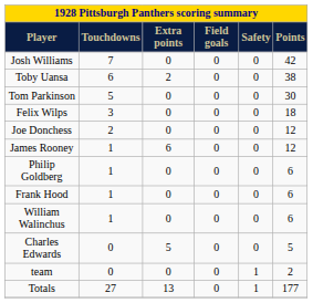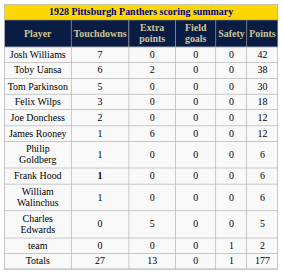 <table class="wikitable" width="35%">
 <tr>
 <th colspan="10" style="background:gold; color:darkblue; text-align: center;"><strong>1928 Pittsburgh Panthers scoring summary</strong></th>
 </tr>
 <tr align="center"  style="background:#091C44;color:#CEC499;">
 <td><strong>Player</strong></td>
 <td><strong>Touchdowns</strong></td>
 <td><strong>Extra points</strong></td>
 <td><strong>Field goals</strong></td>
 <td><strong>Safety</strong></td>
 <td><strong>Points</strong></td>
 </tr>
 <tr align="center" bgcolor="">
 <td>Josh Williams</td>
 <td>7</td>
 <td>0</td>
 <td>0</td>
 <td>0</td>
 <td>42</td>
 </tr>
 <tr align="center" bgcolor="">
 <td>Toby Uansa</td>
 <td>6</td>
 <td>2</td>
 <td>0</td>
 <td>0</td>
 <td>38</td>
 </tr>
 <tr align="center" bgcolor="">
 <td>Tom Parkinson</td>
 <td>5</td>
 <td>0</td>
 <td>0</td>
 <td>0</td>
 <td>30</td>
 </tr>
 <tr align="center" bgcolor="">
 <td>Felix Wilps</td>
 <td>3</td>
 <td>0</td>
 <td>0</td>
 <td>0</td>
 <td>18</td>
 </tr>
 <tr align="center" bgcolor="">
 <td>Joe Donchess</td>
 <td>2</td>
 <td>0</td>
 <td>0</td>
 <td>0</td>
 <td>12</td>
 </tr>
 <tr align="center" bgcolor="">
 <td>James Rooney</td>
 <td>1</td>
 <td>6</td>
 <td>0</td>
 <td>0</td>
 <td>12</td>
 </tr>
 <tr align="center" bgcolor="">
 <td>Philip Goldberg</td>
 <td>1</td>
 <td>0</td>
 <td>0</td>
 <td>0</td>
 <td>6</td>
 </tr>
 <tr align="center" bgcolor="">
 <td>Frank Hood</td>
-<td>1</td>
+<td><strong>1</strong></td>
 <td>0</td>
 <td>0</td>
 <td>0</td>
 <td>6</td>
 </tr>
 <tr align="center" bgcolor="">
 <td>William Walinchus</td>
 <td>1</td>
 <td>0</td>
 <td>0</td>
 <td>0</td>
 <td>6</td>
 </tr>
 <tr align="center" bgcolor="">
 <td>Charles Edwards</td>
 <td>0</td>
 <td>5</td>
 <td>0</td>
 <td>0</td>
 <td>5</td>
 </tr>
 <tr align="center" bgcolor="">
 <td>team</td>
 <td>0</td>
 <td>0</td>
 <td>0</td>
 <td>1</td>
 <td>2</td>
 </tr>
 <tr align="center" bgcolor="">
 <td>Totals</td>
 <td>27</td>
 <td>13</td>
 <td>0</td>
 <td>1</td>
 <td>177</td>
 </tr>
 <tr align="center" bgcolor="">
 </tr>
 </table>
